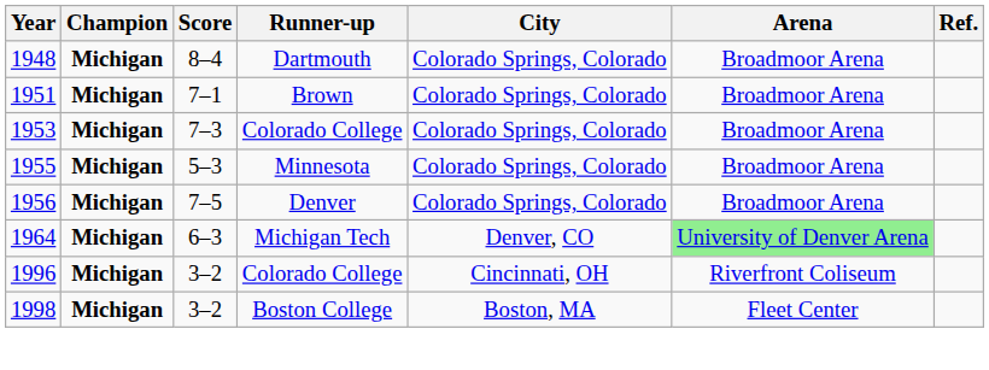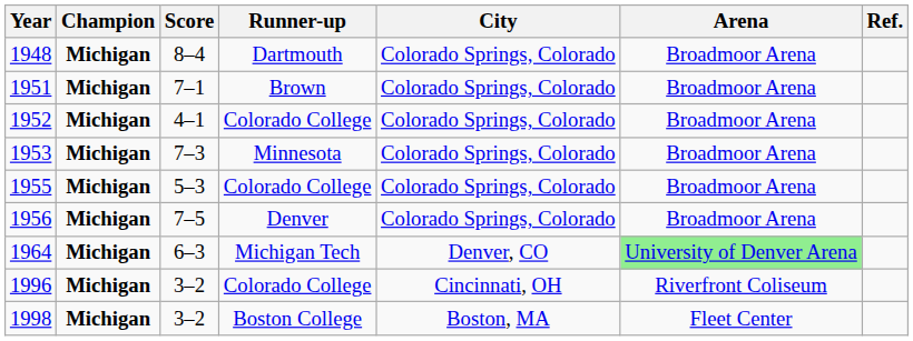 <table class="wikitable sortable" style="text-align: center;">
 <tr>
 <th>Year</th>
 <th>Champion</th>
 <th>Score</th>
 <th>Runner-up</th>
 <th>City</th>
 <th>Arena</th>
 <th>Ref.</th>
 </tr>
 <tr>
 <td><a href='#'>1948</a></td>
 <td><strong>Michigan</strong></td>
 <td>8–4</td>
 <td><a href='#'>Dartmouth</a></td>
 <td><a href='#'>Colorado Springs, Colorado</a></td>
 <td><a href='#'>Broadmoor Arena</a></td>
 <td></td>
 </tr>
 <tr>
 <td><a href='#'>1951</a></td>
 <td><strong>Michigan</strong></td>
 <td>7–1</td>
 <td><a href='#'>Brown</a></td>
 <td><a href='#'>Colorado Springs, Colorado</a></td>
 <td><a href='#'>Broadmoor Arena</a></td>
 <td></td>
 </tr>
 <tr>
+<td><a href='#'>1952</a></td>
+<td><strong>Michigan</strong></td>
+<td>4–1</td>
+<td><a href='#'>Colorado College</a></td>
+<td><a href='#'>Colorado Springs, Colorado</a></td>
+<td><a href='#'>Broadmoor Arena</a></td>
+<td></td>
+</tr>
+<tr>
 <td><a href='#'>1953</a></td>
 <td><strong>Michigan</strong></td>
 <td>7–3</td>
-<td><a href='#'>Colorado College</a></td>
+<td><a href='#'>Minnesota</a></td>
 <td><a href='#'>Colorado Springs, Colorado</a></td>
 <td><a href='#'>Broadmoor Arena</a></td>
 <td></td>
 </tr>
 <tr>
 <td><a href='#'>1955</a></td>
 <td><strong>Michigan</strong></td>
 <td>5–3</td>
-<td><a href='#'>Minnesota</a></td>
+<td><a href='#'>Colorado College</a></td>
 <td><a href='#'>Colorado Springs, Colorado</a></td>
 <td><a href='#'>Broadmoor Arena</a></td>
 <td></td>
 </tr>
 <tr>
 <td><a href='#'>1956</a></td>
 <td><strong>Michigan</strong></td>
 <td>7–5</td>
 <td><a href='#'>Denver</a></td>
 <td><a href='#'>Colorado Springs, Colorado</a></td>
 <td><a href='#'>Broadmoor Arena</a></td>
 <td></td>
 </tr>
 <tr>
 <td><a href='#'>1964</a></td>
 <td><strong>Michigan</strong></td>
 <td>6–3</td>
 <td><a href='#'>Michigan Tech</a></td>
 <td><a href='#'>Denver</a>, <a href='#'>CO</a></td>
 <td style="background: lightgreen;"><a href='#'>University of Denver Arena</a></td>
 <td></td>
 </tr>
 <tr>
 <td><a href='#'>1996</a></td>
 <td><strong>Michigan</strong></td>
 <td>3–2</td>
 <td><a href='#'>Colorado College</a></td>
 <td><a href='#'>Cincinnati</a>, <a href='#'>OH</a></td>
 <td><a href='#'>Riverfront Coliseum</a></td>
 <td></td>
 </tr>
 <tr>
 <td><a href='#'>1998</a></td>
 <td><strong>Michigan</strong></td>
 <td>3–2</td>
 <td><a href='#'>Boston College</a></td>
 <td><a href='#'>Boston</a>, <a href='#'>MA</a></td>
 <td><a href='#'>Fleet Center</a></td>
 <td></td>
 </tr>
 </table>
